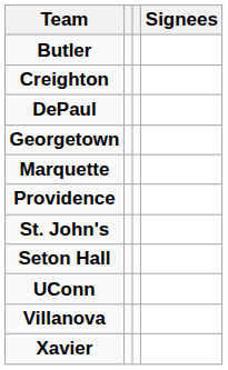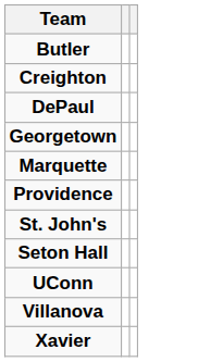 <table class="wikitable">
 <tr>
 <th>Team</th>
 <th></th>
 <th></th>
-<th>Signees</th>
 </tr>
 <tr style="text-align:center;">
 <td><strong>Butler</strong></td>
-<td style="text-align:center; background:white"></td>
 <td style="text-align:center; background:white"></td>
 <td style="text-align:center; background:white"></td>
 </tr>
 <tr style="text-align:center;">
 <td><strong>Creighton</strong></td>
 <td style="text-align:center; background:white"></td>
 <td style="text-align:center; background:white"></td>
-<td style="text-align:center; background:white"></td>
 </tr>
 <tr style="text-align:center;">
 <td><strong>DePaul</strong></td>
-<td style="text-align:center; background:white"></td>
 <td style="text-align:center; background:white"></td>
 <td style="text-align:center; background:white"></td>
 </tr>
 <tr style="text-align:center;">
 <td><strong>Georgetown</strong></td>
 <td style="text-align:center; background:white"></td>
 <td style="text-align:center; background:white"></td>
-<td style="text-align:center; background:white"></td>
 </tr>
 <tr style="text-align:center;">
 <td><strong>Marquette</strong></td>
-<td style="text-align:center; background:white"></td>
 <td style="text-align:center; background:white"></td>
 <td style="text-align:center; background:white"></td>
 </tr>
 <tr style="text-align:center;">
 <td><strong>Providence</strong></td>
 <td style="text-align:center; background:white"></td>
 <td style="text-align:center; background:white"></td>
-<td style="text-align:center; background:white"></td>
 </tr>
 <tr style="text-align:center;">
 <td><strong>St. John's</strong></td>
-<td style="text-align:center; background:white"></td>
 <td style="text-align:center; background:white"></td>
 <td style="text-align:center; background:white"></td>
 </tr>
 <tr style="text-align:center;">
 <td><strong>Seton Hall</strong></td>
 <td style="text-align:center; background:white"></td>
 <td style="text-align:center; background:white"></td>
-<td style="text-align:center; background:white"></td>
 </tr>
 <tr style="text-align:center;">
 <td><strong>UConn</strong></td>
-<td style="text-align:center; background:white"></td>
 <td style="text-align:center; background:white"></td>
 <td style="text-align:center; background:white"></td>
 </tr>
 <tr style="text-align:center;">
 <td><strong>Villanova</strong></td>
 <td style="text-align:center; background:white"></td>
 <td style="text-align:center; background:white"></td>
-<td style="text-align:center; background:white"></td>
 </tr>
 <tr style="text-align:center;">
 <td><strong>Xavier</strong></td>
 <td style="text-align:center; background:white"></td>
 <td style="text-align:center; background:white"></td>
-<td style="text-align:center; background:white"></td>
 </tr>
 </table>
